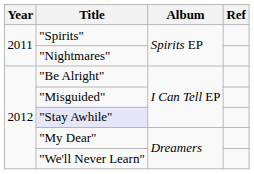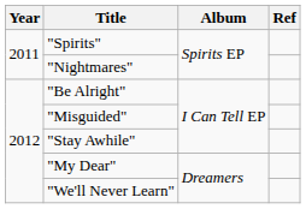 <table class="wikitable">
 <tr>
 <th>Year</th>
 <th>Title</th>
 <th>Album</th>
 <th>Ref</th>
 </tr>
 <tr>
 <td rowspan="2">2011</td>
 <td>"Spirits"</td>
 <td rowspan="2"><em>Spirits</em> EP</td>
 <td></td>
 </tr>
 <tr>
 <td>"Nightmares"</td>
 <td></td>
 </tr>
 <tr>
 <td rowspan="5">2012</td>
 <td>"Be Alright"</td>
 <td rowspan="3"><em>I Can Tell</em> EP</td>
 <td></td>
 </tr>
 <tr>
 <td>"Misguided"</td>
 <td></td>
 </tr>
 <tr>
-<td style="background: lavender;">"Stay Awhile"</td>
+<td>"Stay Awhile"</td>
 <td></td>
 </tr>
 <tr>
 <td>"My Dear"</td>
 <td rowspan="2"><em>Dreamers</em></td>
 <td></td>
 </tr>
 <tr>
 <td>"We'll Never Learn"</td>
 <td></td>
 </tr>
 </table>
